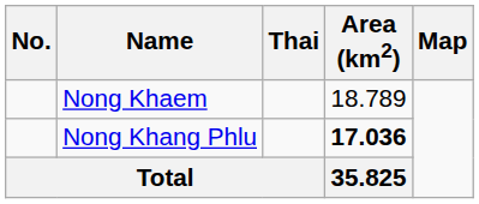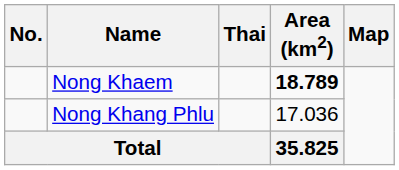 <table class="wikitable sortable">
 <tr>
 <th>No.</th>
 <th>Name</th>
 <th>Thai</th>
 <th>Area<br>(km<sup>2</sup>)</th>
 <th>Map</th>
 </tr>
 <tr>
 <td></td>
 <td><a href='#'>Nong Khaem</a></td>
 <td></td>
-<td><div>18.789</div></td>
+<td><strong><div>18.789</div></strong></td>
 <td rowspan=3></td>
 </tr>
 <tr>
 <td></td>
 <td><a href='#'>Nong Khang Phlu</a></td>
 <td></td>
-<td><strong><div>17.036</div></strong></td>
+<td><div>17.036</div></td>
 </tr>
 <tr>
 <th colspan=3>Total</th>
 <th><div>35.825</div></th>
 </tr>
 </table>
